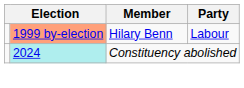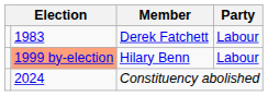 <table class="wikitable">
 <tr>
 <th colspan="2">Election</th>
 <th>Member</th>
 <th>Party</th>
+</tr>
+<tr>
+<td style="color:inherit;background-color: "></td>
+<td><a href='#'>1983</a></td>
+<td><a href='#'>Derek Fatchett</a></td>
+<td><a href='#'>Labour</a></td>
 </tr>
 <tr>
 <td style="color:inherit;background-color: "></td>
 <td style="background: lightsalmon;"><a href='#'>1999 by-election</a></td>
 <td><a href='#'>Hilary Benn</a></td>
 <td><a href='#'>Labour</a></td>
 </tr>
 <tr>
 <td></td>
-<td style="background: paleturquoise;"><a href='#'>2024</a></td>
+<td><a href='#'>2024</a></td>
 <td colspan="2"><em>Constituency abolished</em></td>
 </tr>
 </table>
